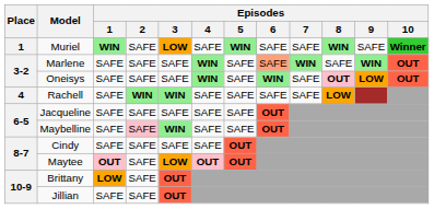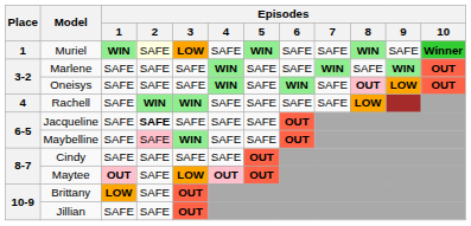 <table class="wikitable" style="text-align:center; font-size:92%">
 <tr>
 <th rowspan="2">Place</th>
 <th rowspan="2">Model</th>
 <th colspan="10">Episodes</th>
 </tr>
 <tr>
 <th>1</th>
 <th>2</th>
 <th>3</th>
 <th>4</th>
 <th>5</th>
 <th>6</th>
 <th>7</th>
 <th>8</th>
 <th>9</th>
 <th>10</th>
 </tr>
 <tr>
 <th>1</th>
 <td>Muriel</td>
 <td style="background:lightgreen;"><strong>WIN</strong></td>
-<td>SAFE</td>
+<td style="background: lightyellow;">SAFE</td>
 <td style="background:orange;"><strong>LOW</strong></td>
 <td>SAFE</td>
 <td style="background:lightgreen;"><strong>WIN</strong></td>
 <td>SAFE</td>
 <td>SAFE</td>
 <td style="background:lightgreen;"><strong>WIN</strong></td>
 <td>SAFE</td>
 <td style="background:limegreen;"><strong>Winner</strong></td>
 </tr>
 <tr>
 <th rowspan="2">3-2</th>
 <td>Marlene</td>
 <td>SAFE</td>
 <td>SAFE</td>
 <td>SAFE</td>
 <td style="background:lightgreen;"><strong>WIN</strong></td>
 <td>SAFE</td>
-<td style="background: lightsalmon;">SAFE</td>
+<td>SAFE</td>
 <td style="background:lightgreen;"><strong>WIN</strong></td>
 <td>SAFE</td>
 <td style="background:lightgreen;"><strong>WIN</strong></td>
 <td style="background:tomato;"><strong>OUT</strong></td>
 </tr>
 <tr>
 <td>Oneisys</td>
 <td>SAFE</td>
 <td>SAFE</td>
 <td>SAFE</td>
 <td style="background:lightgreen;"><strong>WIN</strong></td>
 <td>SAFE</td>
 <td style="background:lightgreen;"><strong>WIN</strong></td>
 <td>SAFE</td>
 <td style="background:pink"><strong>OUT</strong></td>
 <td style="background:orange;"><strong>LOW</strong></td>
 <td style="background:tomato;"><strong>OUT</strong></td>
 </tr>
 <tr>
 <th>4</th>
 <td>Rachell</td>
 <td>SAFE</td>
 <td style="background:lightgreen;"><strong>WIN</strong></td>
 <td style="background:lightgreen;"><strong>WIN</strong></td>
 <td>SAFE</td>
 <td>SAFE</td>
 <td>SAFE</td>
 <td>SAFE</td>
 <td style="background:orange;"><strong>LOW</strong></td>
 <td style="background:brown;"></td>
 <td style="background:darkgrey;" colspan="12"></td>
 </tr>
 <tr>
 <th rowspan="2">6-5</th>
 <td>Jacqueline</td>
 <td>SAFE</td>
-<td>SAFE</td>
+<td><strong>SAFE</strong></td>
 <td>SAFE</td>
 <td>SAFE</td>
 <td>SAFE</td>
 <td style="background:tomato;"><strong>OUT</strong></td>
 <td style="background:darkgrey;" colspan="12"></td>
 </tr>
 <tr>
 <td>Maybelline</td>
 <td>SAFE</td>
 <td style="background: pink;">SAFE</td>
 <td style="background:lightgreen;"><strong>WIN</strong></td>
 <td>SAFE</td>
 <td>SAFE</td>
 <td style="background:tomato;"><strong>OUT</strong></td>
 <td style="background:darkgrey;" colspan="12"></td>
 </tr>
 <tr>
 <th rowspan="2">8-7</th>
 <td>Cindy</td>
 <td>SAFE</td>
 <td>SAFE</td>
 <td>SAFE</td>
 <td>SAFE</td>
 <td style="background:tomato;"><strong>OUT</strong></td>
 <td style="background:darkgrey;" colspan="12"></td>
 </tr>
 <tr>
 <td>Maytee</td>
 <td style="background:pink"><strong>OUT</strong></td>
 <td>SAFE</td>
 <td style="background:orange;"><strong>LOW</strong></td>
 <td style="background:pink"><strong>OUT</strong></td>
 <td style="background:tomato;"><strong>OUT</strong></td>
 <td style="background:darkgrey;" colspan="12"></td>
 </tr>
 <tr>
 <th rowspan="2">10-9</th>
 <td>Brittany</td>
 <td style="background:orange;"><strong>LOW</strong></td>
 <td>SAFE</td>
 <td style="background:tomato;"><strong>OUT</strong></td>
 <td style="background:darkgrey;" colspan="12"></td>
 </tr>
 <tr>
 <td>Jillian</td>
 <td>SAFE</td>
 <td>SAFE</td>
 <td style="background:tomato;"><strong>OUT</strong></td>
 <td style="background:darkgrey;" colspan="12"></td>
 </tr>
 </table>
